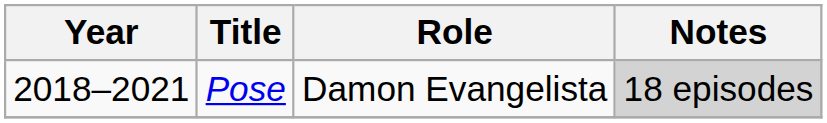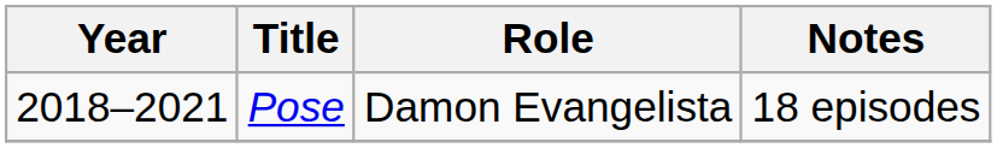 <table class="wikitable sortable">
 <tr>
 <th>Year</th>
 <th>Title</th>
 <th>Role</th>
 <th>Notes</th>
 </tr>
 <tr>
 <td>2018–2021</td>
 <td><em><a href='#'>Pose</a></em></td>
 <td>Damon Evangelista</td>
-<td style="background: lightgrey;">18 episodes</td>
+<td>18 episodes</td>
 </tr>
 <tr>
 </tr>
 </table>
